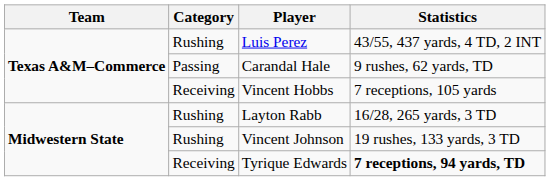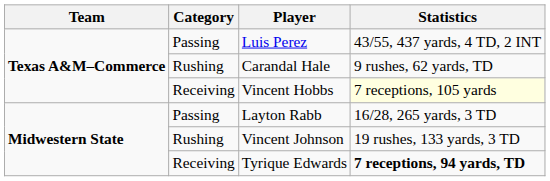 <table class="wikitable" style="float: left;">
 <tr>
 <th>Team</th>
 <th>Category</th>
 <th>Player</th>
 <th>Statistics</th>
 </tr>
 <tr>
 <td rowspan=3><strong>Texas A&M–Commerce</strong></td>
-<td>Rushing</td>
+<td>Passing</td>
 <td><a href='#'>Luis Perez</a></td>
 <td>43/55, 437 yards, 4 TD, 2 INT</td>
 </tr>
 <tr>
-<td>Passing</td>
+<td>Rushing</td>
 <td>Carandal Hale</td>
 <td>9 rushes, 62 yards, TD</td>
 </tr>
 <tr>
 <td>Receiving</td>
 <td>Vincent Hobbs</td>
-<td>7 receptions, 105 yards</td>
+<td style="background: lightyellow;">7 receptions, 105 yards</td>
 </tr>
 <tr>
 <td rowspan=3><strong>Midwestern State</strong></td>
-<td>Rushing</td>
+<td>Passing</td>
 <td>Layton Rabb</td>
 <td>16/28, 265 yards, 3 TD</td>
 </tr>
 <tr>
 <td>Rushing</td>
 <td>Vincent Johnson</td>
 <td>19 rushes, 133 yards, 3 TD</td>
 </tr>
 <tr>
 <td>Receiving</td>
 <td>Tyrique Edwards</td>
 <td><strong>7 receptions, 94 yards, TD</strong></td>
 </tr>
 </table>
